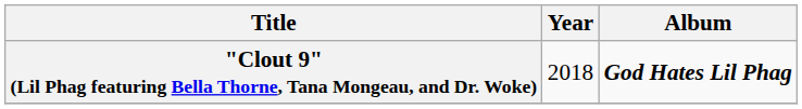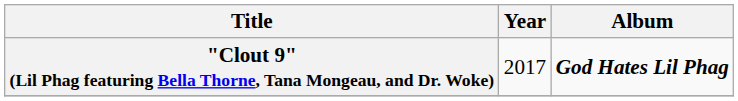 <table class="wikitable plainrowheaders" style="text-align:center;">
 <tr>
 <th scope="col">Title</th>
 <th scope="col">Year</th>
 <th scope="col">Album</th>
 </tr>
 <tr>
 <th scope="row">"Clout 9"<br><small>(Lil Phag featuring <a href='#'>Bella Thorne</a>, Tana Mongeau, and Dr. Woke)</small></th>
-<td>2018</td>
+<td>2017</td>
 <td><strong><em>God Hates Lil Phag</em></strong></td>
 </tr>
 <tr>
 </tr>
 </table>
